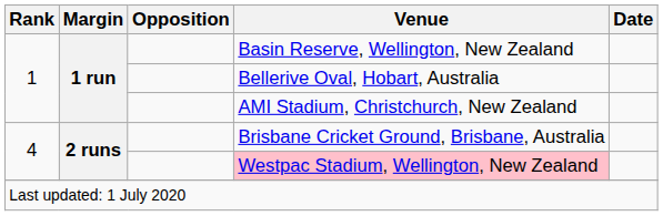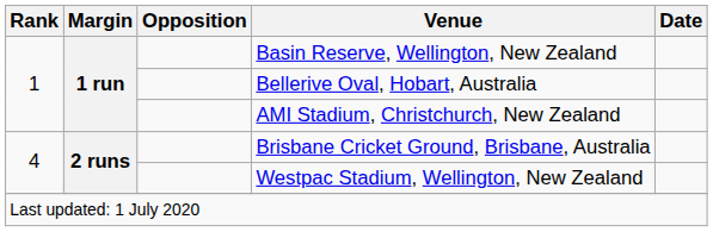 <table class="wikitable plainrowheaders sortable">
 <tr>
 <th scope=col>Rank</th>
 <th scope=col>Margin</th>
 <th scope=col>Opposition</th>
 <th scope=col>Venue</th>
 <th scope=col>Date</th>
 </tr>
 <tr>
 <td align=center rowspan=3>1</td>
 <th scope=row style="text-align:center;" rowspan=3>1 run</th>
 <td></td>
 <td><a href='#'>Basin Reserve</a>, <a href='#'>Wellington</a>, New Zealand</td>
 <td></td>
 </tr>
 <tr>
 <td></td>
 <td><a href='#'>Bellerive Oval</a>, <a href='#'>Hobart</a>, Australia</td>
 <td></td>
 </tr>
 <tr>
 <td></td>
 <td><a href='#'>AMI Stadium</a>, <a href='#'>Christchurch</a>, New Zealand</td>
 <td></td>
 </tr>
 <tr>
 <td align=center rowspan=2>4</td>
 <th scope=row style="text-align:center;" rowspan=2>2 runs</th>
 <td></td>
 <td><a href='#'>Brisbane Cricket Ground</a>, <a href='#'>Brisbane</a>, Australia</td>
 <td></td>
 </tr>
 <tr>
 <td></td>
-<td style="background: pink;"><a href='#'>Westpac Stadium</a>, <a href='#'>Wellington</a>, New Zealand</td>
+<td><a href='#'>Westpac Stadium</a>, <a href='#'>Wellington</a>, New Zealand</td>
 <td></td>
 </tr>
 <tr>
 </tr>
 <tr class=sortbottom>
 <td colspan=5><small>Last updated: 1 July 2020</small></td>
 </tr>
 </table>
